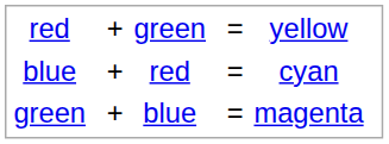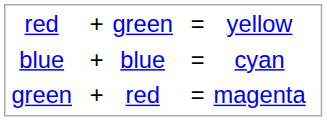 <table style="background-color:white; border:1px #aaa solid" cellpadding="2px">
 <tr>
 <td align="center"><a href='#'>red</a></td>
 <td></td>
 <td>+</td>
 <td align="center"><a href='#'>green</a></td>
 <td></td>
 <td>=</td>
 <td align="center"><a href='#'>yellow</a></td>
 <td></td>
 </tr>
 <tr>
 <td align="center"><a href='#'>blue</a></td>
 <td></td>
 <td>+</td>
-<td align="center"><a href='#'>red</a></td>
+<td align="center"><a href='#'>blue</a></td>
 <td></td>
 <td>=</td>
 <td align="center"><a href='#'>cyan</a></td>
 <td></td>
 </tr>
 <tr>
 <td align="center"><a href='#'>green</a></td>
 <td></td>
 <td>+</td>
-<td align="center"><a href='#'>blue</a></td>
+<td align="center"><a href='#'>red</a></td>
 <td></td>
 <td>=</td>
 <td align="center"><a href='#'>magenta</a></td>
 <td></td>
 </tr>
 </table>
